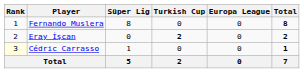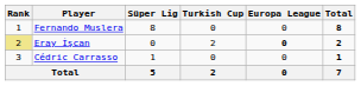 <table class="wikitable" style="text-align: center;">
 <tr>
 <th>Rank</th>
 <th>Player</th>
 <th>Süper Lig</th>
 <th>Turkish Cup</th>
 <th>Europa League</th>
 <th>Total</th>
 </tr>
 <tr>
 <td>1</td>
 <td align=left> <a href='#'>Fernando Muslera</a></td>
 <td>8</td>
 <td>0</td>
 <td>0</td>
 <td><strong>8</strong></td>
 </tr>
 <tr>
-<td>2</td>
+<td style="background: khaki;">2</td>
 <td align=left> <a href='#'>Eray İşcan</a></td>
 <td>0</td>
-<td><strong>2</strong></td>
-<td>0</td>
+<td>2</td>
+<td><strong>0</strong></td>
 <td><strong>2</strong></td>
 </tr>
 <tr>
-<td style="background: lightyellow;">3</td>
+<td>3</td>
 <td align=left> <a href='#'>Cédric Carrasso</a></td>
 <td>1</td>
 <td>0</td>
 <td>0</td>
 <td><strong>1</strong></td>
 </tr>
 <tr>
 <th colspan=2>Total</th>
 <th>5</th>
 <th>2</th>
 <th>0</th>
 <th>7</th>
 </tr>
 </table>
